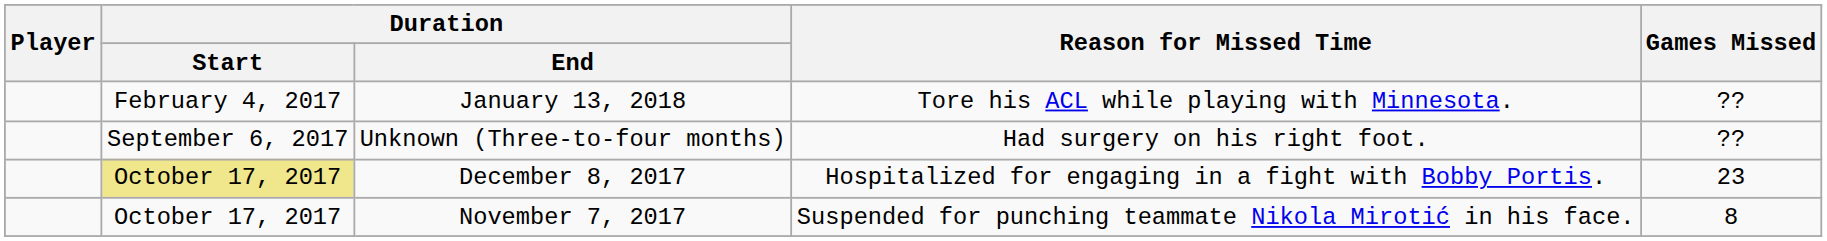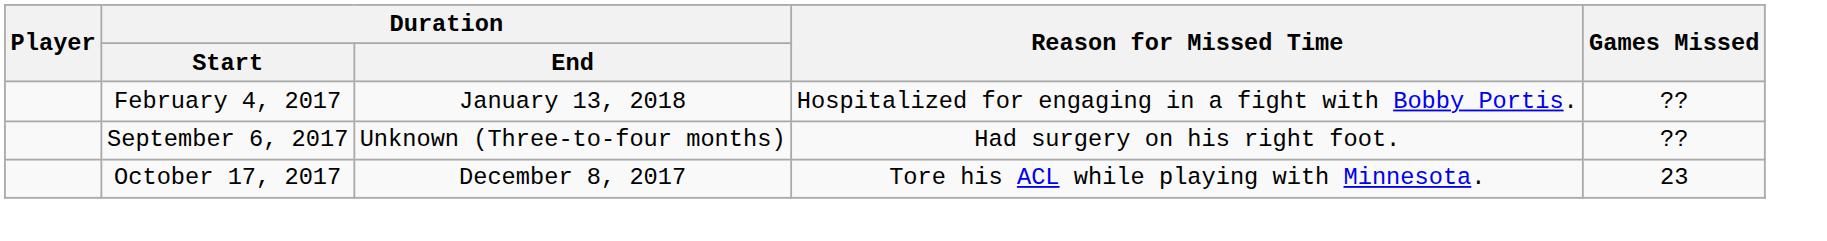 <table class="wikitable sortable collapsible" style="text-align:center;">
 <tr>
 <th rowspan="2">Player</th>
 <th colspan="2">Duration</th>
 <th rowspan="2">Reason for Missed Time</th>
 <th rowspan="2">Games Missed</th>
 </tr>
 <tr>
 <th>Start</th>
 <th>End</th>
 </tr>
 <tr>
 <td></td>
 <td>February 4, 2017</td>
 <td>January 13, 2018</td>
-<td>Tore his <a href='#'>ACL</a> while playing with <a href='#'>Minnesota</a>.</td>
+<td>Hospitalized for engaging in a fight with <a href='#'>Bobby Portis</a>.</td>
 <td>??</td>
 </tr>
 <tr>
 <td></td>
 <td>September 6, 2017</td>
 <td>Unknown (Three-to-four months)</td>
 <td>Had surgery on his right foot.</td>
 <td>??</td>
 </tr>
 <tr>
 <td></td>
-<td style="background: khaki;">October 17, 2017</td>
+<td>October 17, 2017</td>
 <td>December 8, 2017</td>
-<td>Hospitalized for engaging in a fight with <a href='#'>Bobby Portis</a>.</td>
+<td>Tore his <a href='#'>ACL</a> while playing with <a href='#'>Minnesota</a>.</td>
 <td>23</td>
 </tr>
-<tr>
-<td></td>
-<td>October 17, 2017</td>
-<td>November 7, 2017</td>
-<td>Suspended for punching teammate <a href='#'>Nikola Mirotić</a> in his face.</td>
-<td>8</td>
-</tr>
 </table>
